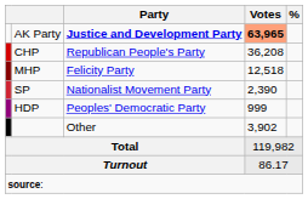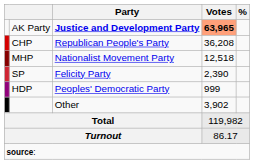 <table class="wikitable">
 <tr>
 <th colspan="2" align="center"></th>
 <th align="center">Party</th>
 <th align="center">Votes</th>
 <th align="center">%</th>
 </tr>
 <tr align="left">
 <td></td>
 <td>AK Party</td>
 <td><strong><a href='#'>Justice and Development Party</a></strong></td>
 <td style="background: lightsalmon;"><strong>63,965</strong></td>
 <td><strong></strong></td>
 </tr>
 <tr align="left">
 <td bgcolor="#d50000" width="1"></td>
 <td>CHP</td>
 <td><a href='#'>Republican People's Party</a></td>
 <td>36,208</td>
 <td></td>
 </tr>
 <tr align="left">
 <td bgcolor="#870000" width="1"></td>
 <td>MHP</td>
-<td><a href='#'>Felicity Party</a></td>
+<td><a href='#'>Nationalist Movement Party</a></td>
 <td>12,518</td>
 <td></td>
 </tr>
 <tr align="left">
 <td bgcolor="#D02433" width="1"></td>
 <td>SP</td>
-<td><a href='#'>Nationalist Movement Party</a></td>
+<td><a href='#'>Felicity Party</a></td>
 <td>2,390</td>
 <td></td>
 </tr>
 <tr align="left">
 <td bgcolor="#91007B" width="1"></td>
 <td>HDP</td>
 <td><a href='#'>Peoples' Democratic Party</a></td>
 <td>999</td>
 <td></td>
 </tr>
 <tr align="left">
 <td bgcolor=" " width="1"></td>
 <td></td>
 <td>Other</td>
 <td>3,902</td>
 <td></td>
 </tr>
 <tr align="left" style="background-color:#E9E9E9">
 <th colspan="3" align="center"><strong>Total</strong></th>
 <td colspan="5" align="center">119,982</td>
 </tr>
 <tr align="left" style="background-color:#E9E9E9">
 <th colspan="3" align="center"><em>Turnout</em></th>
 <td colspan="5" align="center">86.17</td>
 </tr>
 <tr>
 <td colspan="9" align="left"><small><strong>source</strong>: </small></td>
 </tr>
 </table>
